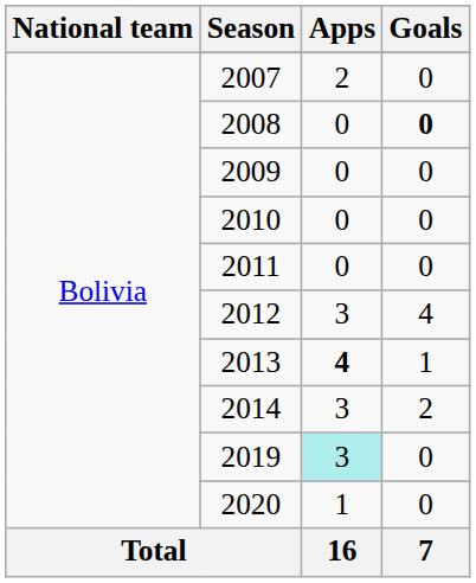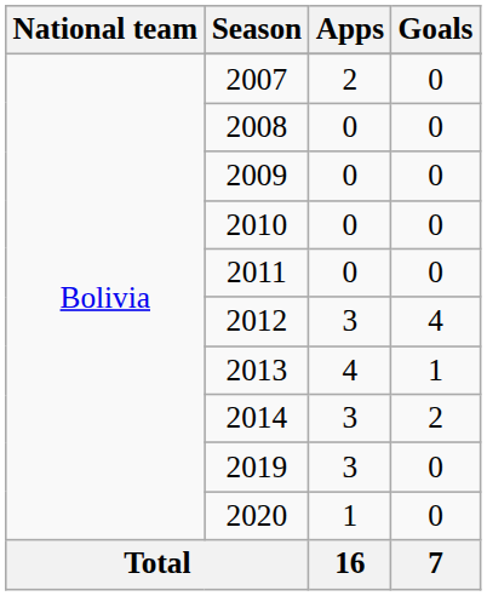 <table class="wikitable" style="text-align:center">
 <tr>
 <th>National team</th>
 <th>Season</th>
 <th>Apps</th>
 <th>Goals</th>
 </tr>
 <tr>
 <td rowspan="11"><a href='#'>Bolivia</a></td>
 </tr>
 <tr>
 <td>2007</td>
 <td>2</td>
 <td>0</td>
 </tr>
 <tr>
 <td>2008</td>
 <td>0</td>
-<td><strong>0</strong></td>
+<td>0</td>
 </tr>
 <tr>
 <td>2009</td>
 <td>0</td>
 <td>0</td>
 </tr>
 <tr>
 <td>2010</td>
 <td>0</td>
 <td>0</td>
 </tr>
 <tr>
 <td>2011</td>
 <td>0</td>
 <td>0</td>
 </tr>
 <tr>
 <td>2012</td>
 <td>3</td>
 <td>4</td>
 </tr>
 <tr>
 <td>2013</td>
-<td><strong>4</strong></td>
+<td>4</td>
 <td>1</td>
 </tr>
 <tr>
 <td>2014</td>
 <td>3</td>
 <td>2</td>
 </tr>
 <tr>
 <td>2019</td>
-<td style="background: paleturquoise;">3</td>
+<td>3</td>
 <td>0</td>
 </tr>
 <tr>
 <td>2020</td>
 <td>1</td>
 <td>0</td>
 </tr>
 <tr>
 <th colspan="2">Total</th>
 <th>16</th>
 <th>7</th>
 </tr>
 </table>
